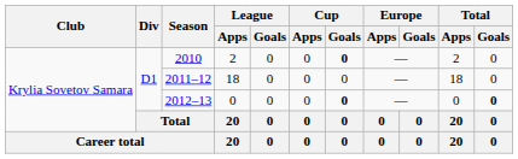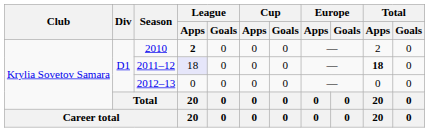 <table class="wikitable" style="text-align: center;">
 <tr>
 <th rowspan="2">Club</th>
 <th rowspan="2">Div</th>
 <th rowspan="2">Season</th>
 <th colspan="2">League</th>
 <th colspan="2">Cup</th>
 <th colspan="2">Europe</th>
 <th colspan="2">Total</th>
 </tr>
 <tr>
 <th>Apps</th>
 <th>Goals</th>
 <th>Apps</th>
 <th>Goals</th>
 <th>Apps</th>
 <th>Goals</th>
 <th>Apps</th>
 <th>Goals</th>
 </tr>
 <tr>
 <td rowspan="4" valign="center"> <a href='#'>Krylia Sovetov Samara</a></td>
 <td rowspan="3"><a href='#'>D1</a></td>
 <td><a href='#'>2010</a></td>
-<td>2</td>
+<td><strong>2</strong></td>
 <td>0</td>
 <td>0</td>
-<td><strong>0</strong></td>
+<td>0</td>
 <td colspan="2">—</td>
 <td>2</td>
 <td>0</td>
 </tr>
 <tr>
 <td><a href='#'>2011–12</a></td>
-<td>18</td>
+<td style="background: lavender;">18</td>
 <td>0</td>
 <td>0</td>
 <td>0</td>
 <td colspan="2">—</td>
-<td>18</td>
+<td><strong>18</strong></td>
 <td>0</td>
 </tr>
 <tr>
 <td><a href='#'>2012–13</a></td>
 <td>0</td>
 <td>0</td>
 <td>0</td>
-<td><strong>0</strong></td>
+<td>0</td>
 <td colspan="2">—</td>
 <td>0</td>
-<td><strong>0</strong></td>
+<td>0</td>
 </tr>
 <tr>
 <th colspan="2">Total</th>
 <th>20</th>
 <th>0</th>
 <th>0</th>
 <th>0</th>
 <th>0</th>
 <th>0</th>
 <th>20</th>
 <th>0</th>
 </tr>
 <tr>
 <th colspan="3">Career total</th>
 <th>20</th>
 <th>0</th>
 <th>0</th>
 <th>0</th>
 <th>0</th>
 <th>0</th>
 <th>20</th>
 <th>0</th>
 </tr>
 </table>
